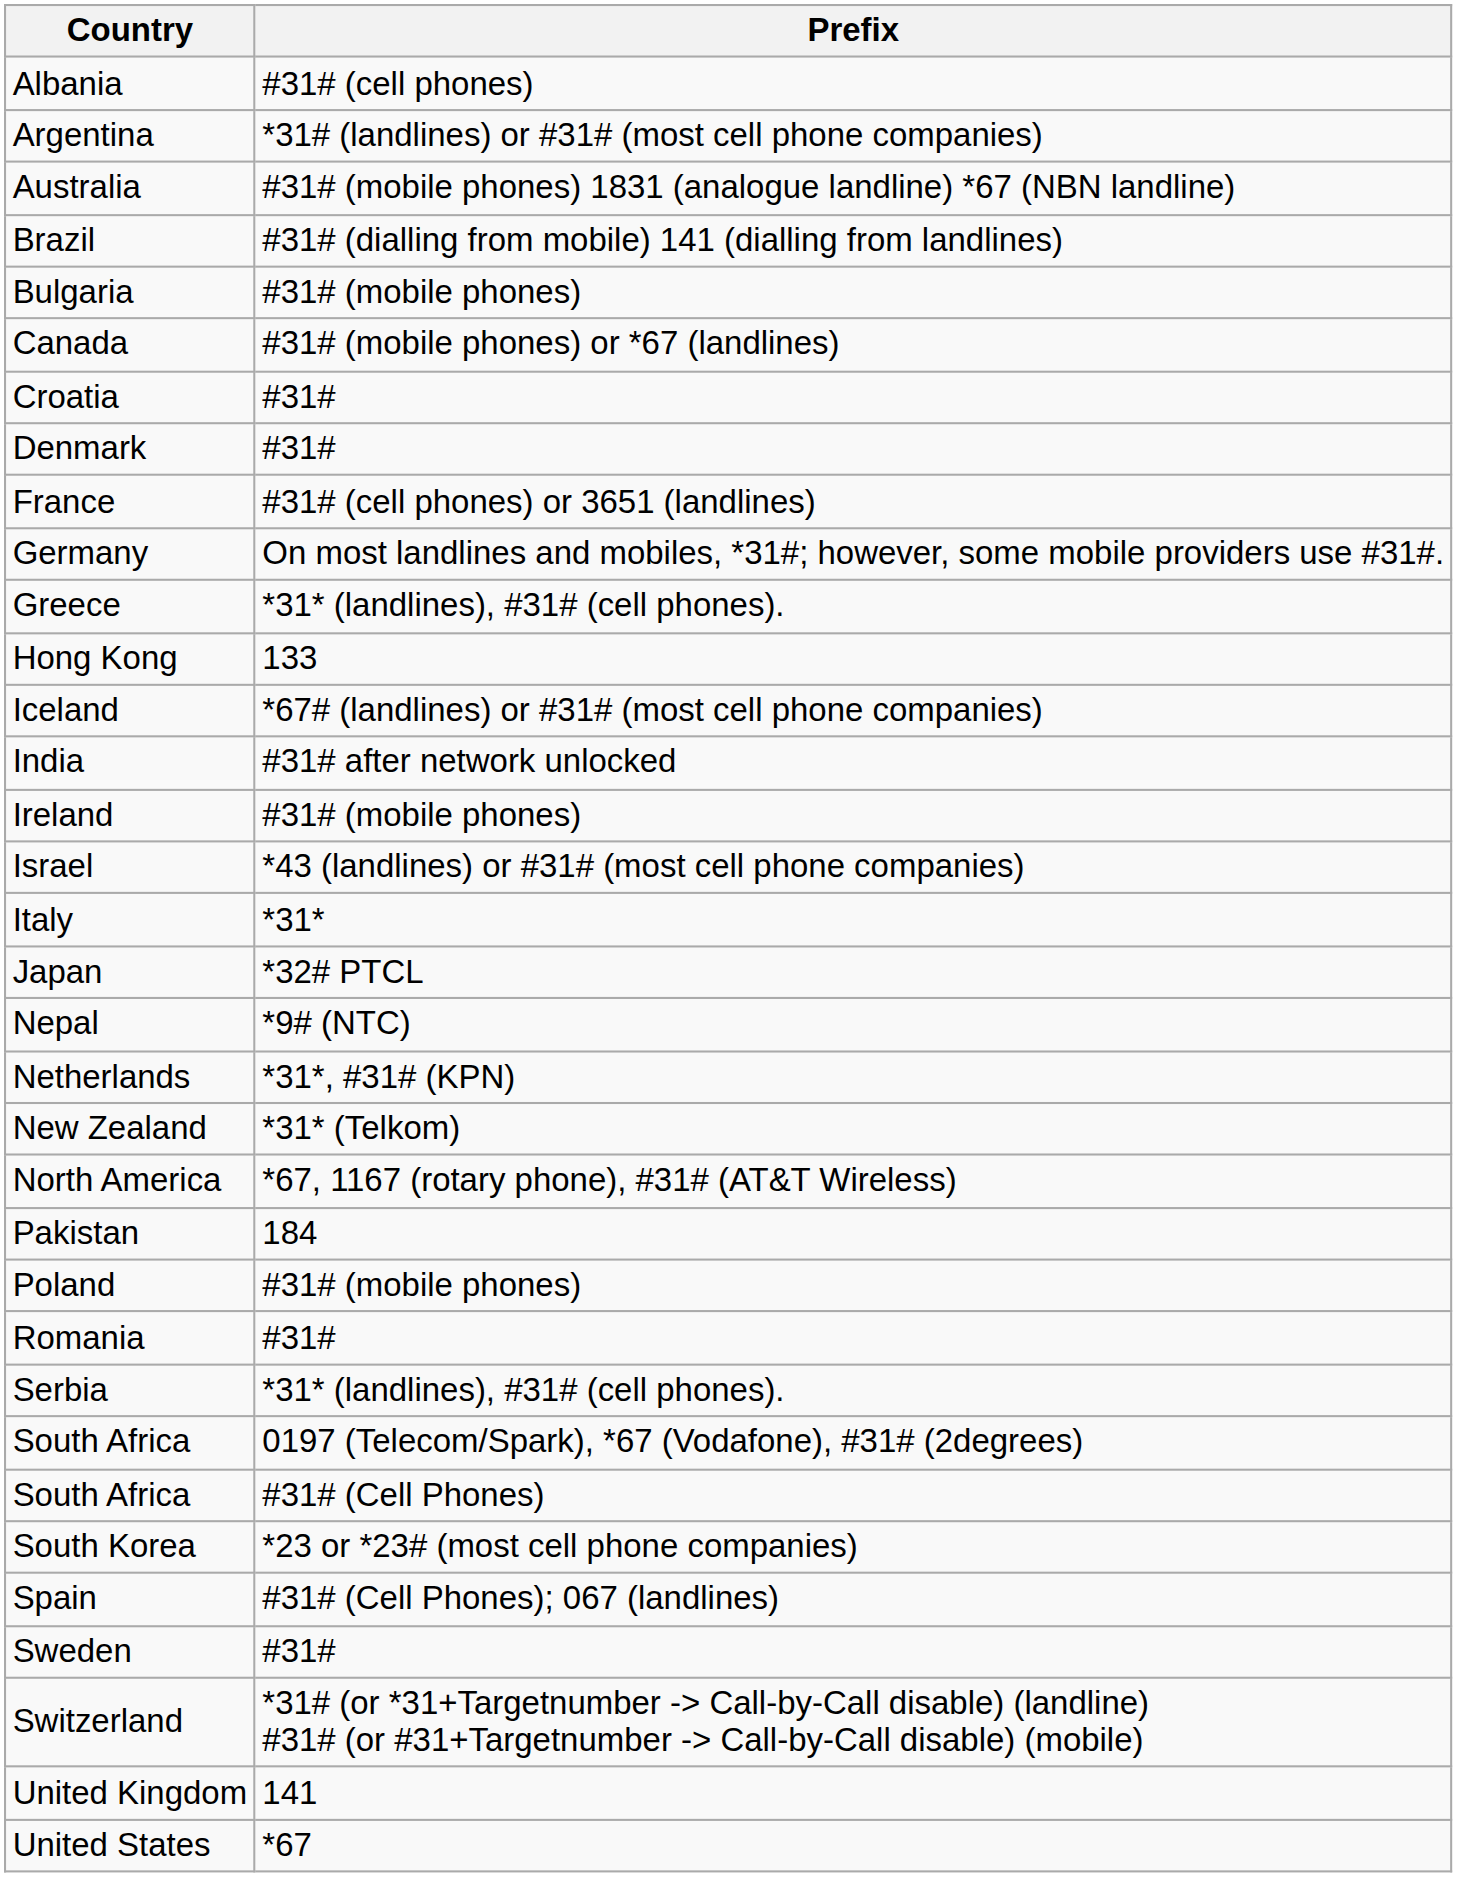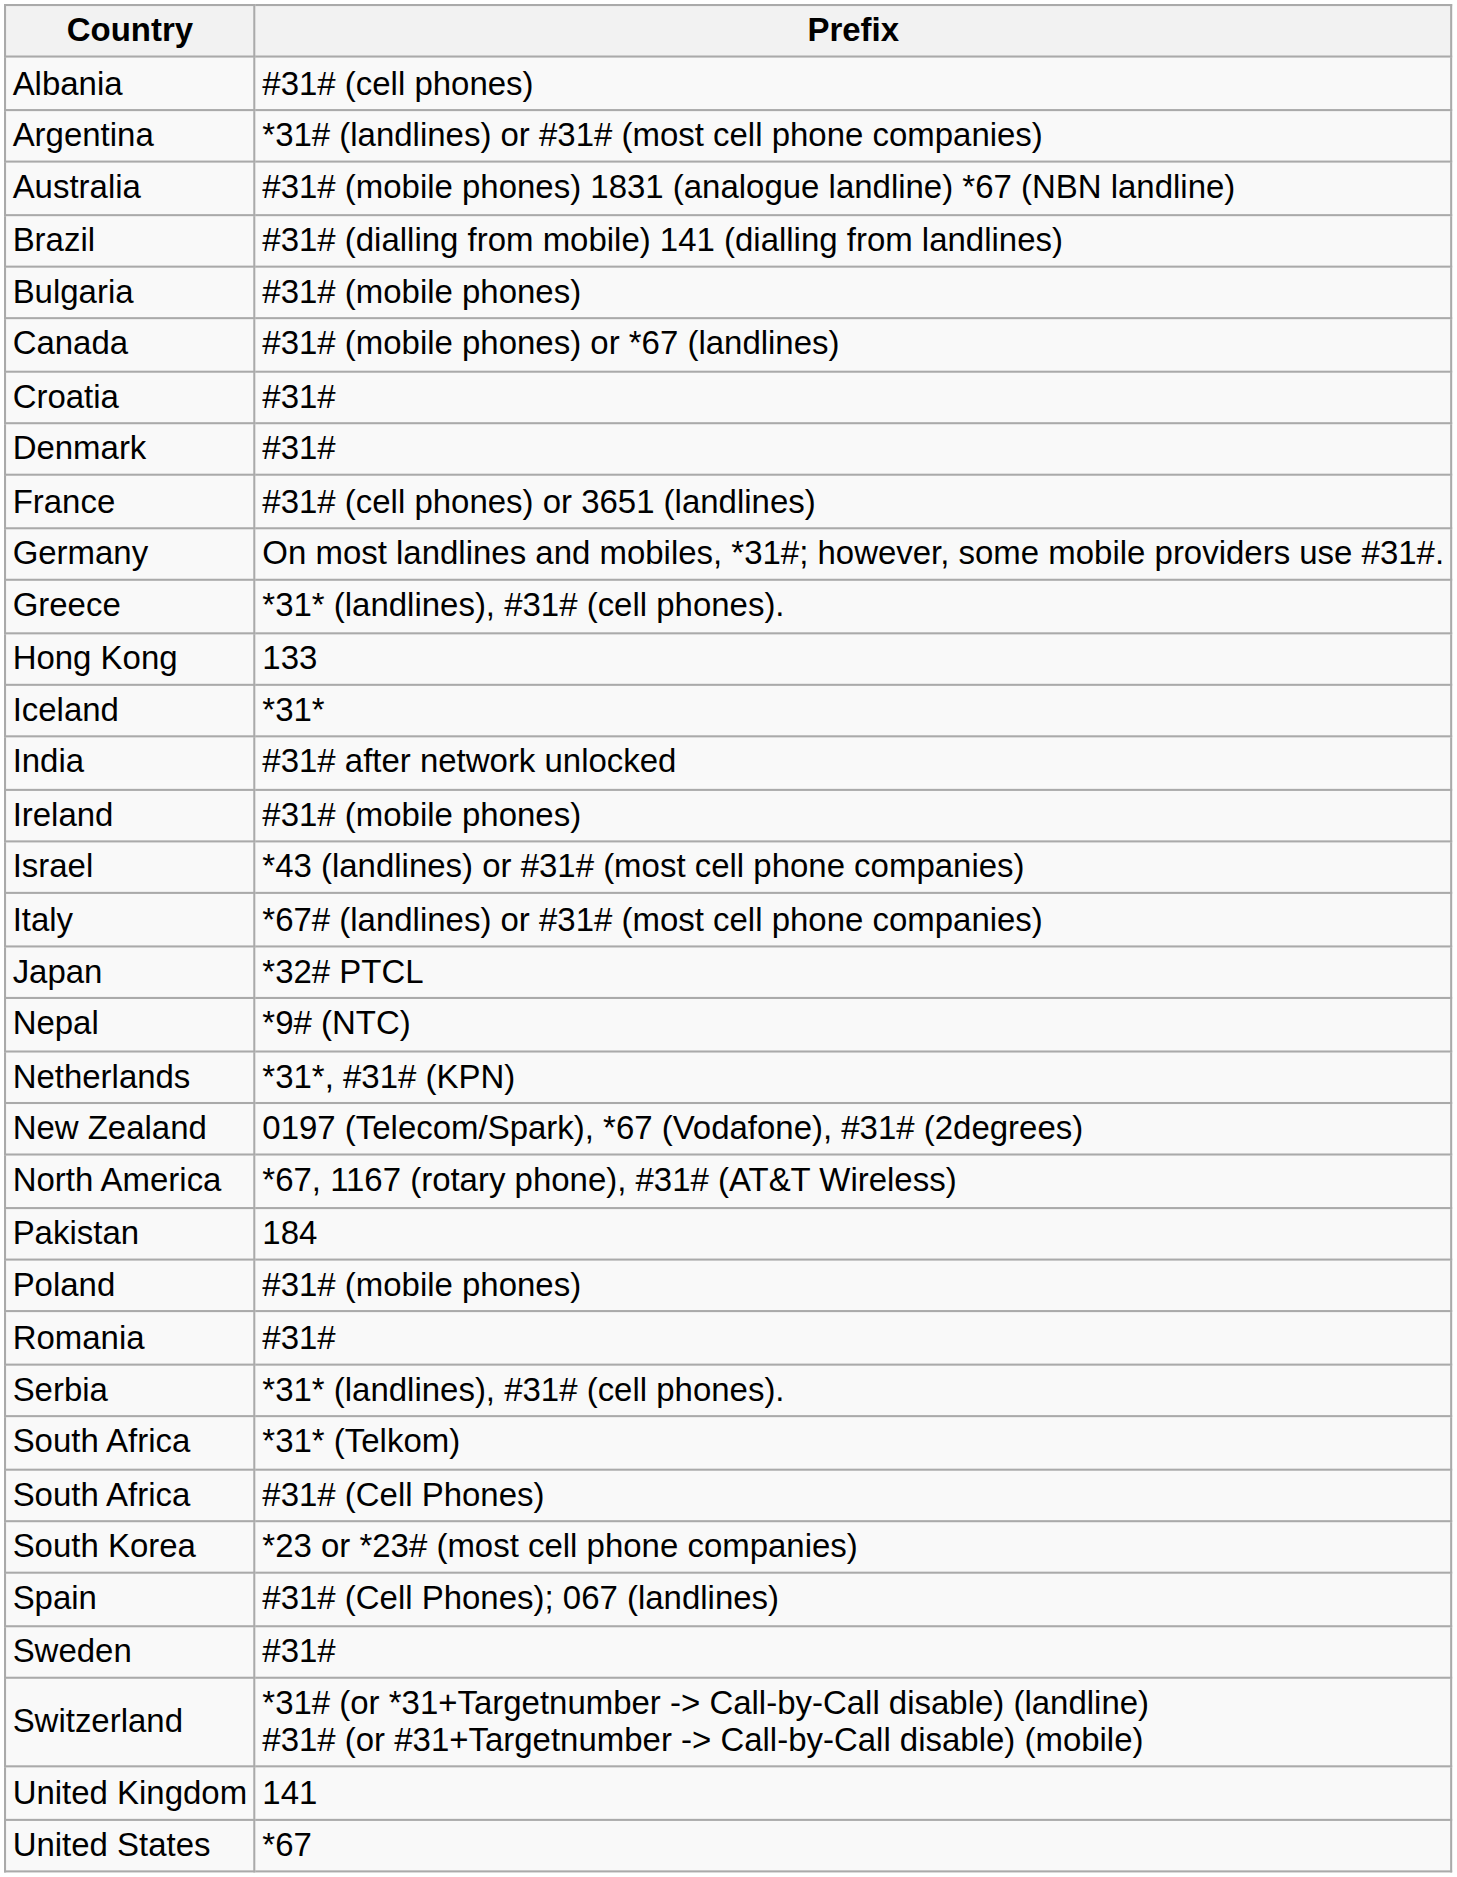 <table class="wikitable">
 <tr>
 <th>Country</th>
 <th>Prefix</th>
 </tr>
 <tr>
 <td>Albania</td>
 <td>#31# (cell phones)</td>
 </tr>
 <tr>
 <td>Argentina</td>
 <td>*31# (landlines) or #31# (most cell phone companies)</td>
 </tr>
 <tr>
 <td>Australia</td>
 <td>#31# (mobile phones) 1831 (analogue landline) *67 (NBN landline)</td>
 </tr>
 <tr>
 <td>Brazil</td>
 <td>#31# (dialling from mobile) 141 (dialling from landlines)</td>
 </tr>
 <tr>
 <td>Bulgaria</td>
 <td>#31# (mobile phones)</td>
 </tr>
 <tr>
 <td>Canada</td>
 <td>#31# (mobile phones) or *67 (landlines)</td>
 </tr>
 <tr>
 <td>Croatia</td>
 <td>#31#</td>
 </tr>
 <tr>
 <td>Denmark</td>
 <td>#31#</td>
 </tr>
 <tr>
 <td>France</td>
 <td>#31# (cell phones) or 3651 (landlines)</td>
 </tr>
 <tr>
 <td>Germany</td>
 <td>On most landlines and mobiles, *31#; however, some mobile providers use #31#.</td>
 </tr>
 <tr>
 <td>Greece</td>
 <td>*31* (landlines),  #31# (cell phones).</td>
 </tr>
 <tr>
 <td>Hong Kong</td>
 <td>133</td>
 </tr>
 <tr>
 <td>Iceland</td>
-<td>*67# (landlines) or #31# (most cell phone companies)</td>
+<td>*31*</td>
 </tr>
 <tr>
 <td>India</td>
 <td>#31# after network unlocked</td>
 </tr>
 <tr>
 <td>Ireland</td>
 <td>#31# (mobile phones)</td>
 </tr>
 <tr>
 <td>Israel</td>
 <td>*43  (landlines) or #31# (most cell phone companies)</td>
 </tr>
 <tr>
 <td>Italy</td>
-<td>*31*</td>
+<td>*67# (landlines) or #31# (most cell phone companies)</td>
 </tr>
 <tr>
 <td>Japan</td>
 <td>*32# PTCL</td>
 </tr>
 <tr>
 <td>Nepal</td>
 <td>*9# (NTC)</td>
 </tr>
 <tr>
 <td>Netherlands</td>
 <td>*31*, #31# (KPN)</td>
 </tr>
 <tr>
 <td>New Zealand</td>
-<td>*31* (Telkom)</td>
+<td>0197 (Telecom/Spark), *67 (Vodafone), #31# (2degrees)</td>
 </tr>
 <tr>
 <td>North America</td>
 <td>*67, 1167 (rotary phone), #31# (AT&T Wireless)</td>
 </tr>
 <tr>
 <td>Pakistan</td>
 <td>184</td>
 </tr>
 <tr>
 <td>Poland</td>
 <td>#31# (mobile phones)</td>
 </tr>
 <tr>
 <td>Romania</td>
 <td>#31#</td>
 </tr>
 <tr>
 <td>Serbia</td>
 <td>*31* (landlines),  #31# (cell phones).</td>
 </tr>
 <tr>
 <td>South Africa</td>
-<td>0197 (Telecom/Spark), *67 (Vodafone), #31# (2degrees)</td>
+<td>*31* (Telkom)</td>
 </tr>
 <tr>
 <td>South Africa</td>
 <td>#31# (Cell Phones)</td>
 </tr>
 <tr>
 <td>South Korea</td>
 <td>*23 or *23# (most cell phone companies)</td>
 </tr>
 <tr>
 <td>Spain</td>
 <td>#31# (Cell Phones); 067 (landlines)</td>
 </tr>
 <tr>
 <td>Sweden</td>
 <td>#31#</td>
 </tr>
 <tr>
 <td>Switzerland</td>
 <td>*31# (or *31+Targetnumber -> Call-by-Call disable) (landline)<br>#31# (or #31+Targetnumber -> Call-by-Call disable) (mobile)</td>
 </tr>
 <tr>
 <td>United Kingdom</td>
 <td>141</td>
 </tr>
 <tr>
 <td>United States</td>
 <td>*67</td>
 </tr>
 </table>
